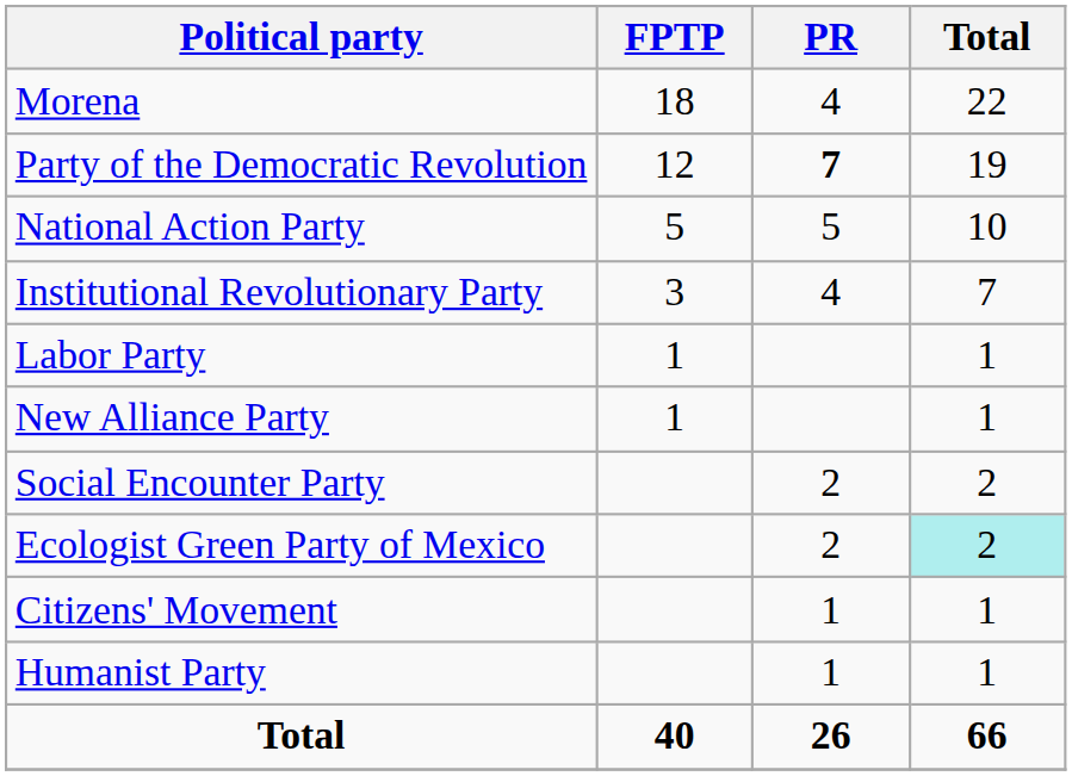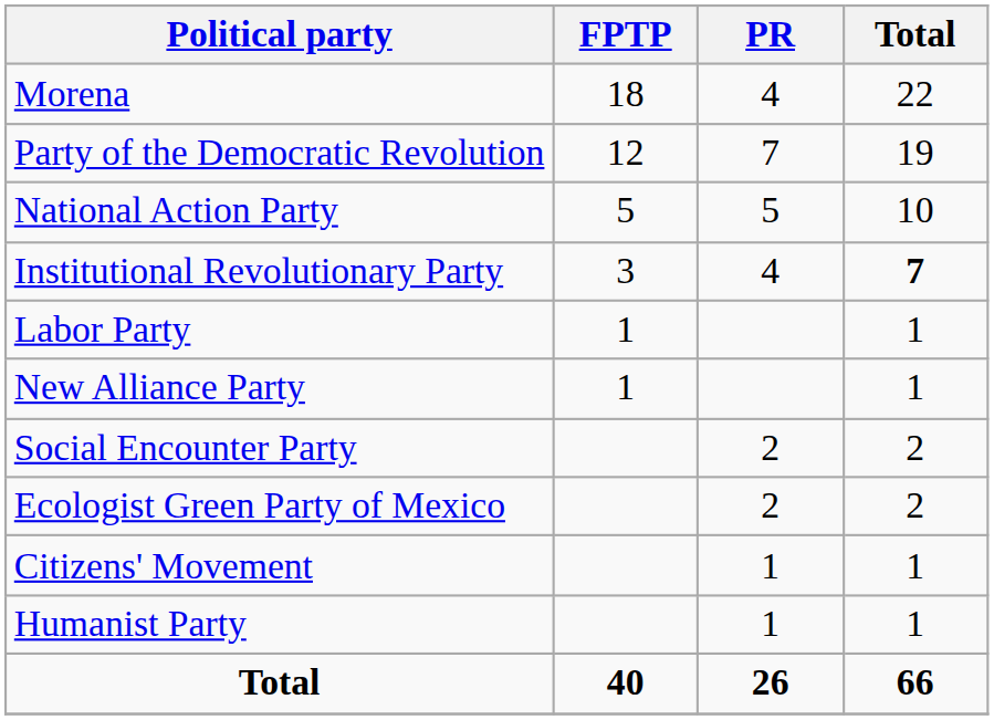 <table class="wikitable">
 <tr>
 <th><a href='#'>Political party</a></th>
 <th width="55pt"><a href='#'>FPTP</a></th>
 <th width="55pt"><a href='#'>PR</a></th>
 <th width="55pt">Total</th>
 </tr>
 <tr>
 <td align="left"> <a href='#'>Morena</a></td>
 <td align="center">18</td>
 <td align="center">4</td>
 <td align="center">22</td>
 </tr>
 <tr>
 <td align="left"> <a href='#'>Party of the Democratic Revolution</a></td>
 <td align="center">12</td>
-<td align="center"><strong>7</strong></td>
+<td align="center">7</td>
 <td align="center">19</td>
 </tr>
 <tr>
 <td align="left"> <a href='#'>National Action Party</a></td>
 <td align="center">5</td>
 <td align="center">5</td>
 <td align="center">10</td>
 </tr>
 <tr>
 <td align="left"> <a href='#'>Institutional Revolutionary Party</a></td>
 <td align="center">3</td>
 <td align="center">4</td>
-<td align="center">7</td>
+<td align="center"><strong>7</strong></td>
 </tr>
 <tr>
 <td align="left"> <a href='#'>Labor Party</a></td>
 <td align="center">1</td>
 <td align="center"></td>
 <td align="center">1</td>
 </tr>
 <tr>
 <td align="left"> <a href='#'>New Alliance Party</a></td>
 <td align="center">1</td>
 <td align="center"></td>
 <td align="center">1</td>
 </tr>
 <tr>
 <td align="left"> <a href='#'>Social Encounter Party</a></td>
 <td align="center"></td>
 <td align="center">2</td>
 <td align="center">2</td>
 </tr>
 <tr>
 <td align="left"> <a href='#'>Ecologist Green Party of Mexico</a></td>
 <td align="center"></td>
 <td align="center">2</td>
-<td align="center" style="background: paleturquoise;">2</td>
+<td align="center">2</td>
 </tr>
 <tr>
 <td align="left"> <a href='#'>Citizens' Movement</a></td>
 <td align="center"></td>
 <td align="center">1</td>
 <td align="center">1</td>
 </tr>
 <tr>
 <td align="left"> <a href='#'>Humanist Party</a></td>
 <td align="center"></td>
 <td align="center">1</td>
 <td align="center">1</td>
 </tr>
 <tr>
 <td align="center"><strong>Total</strong></td>
 <td align="center"><strong>40</strong></td>
 <td align="center"><strong>26</strong></td>
 <td align="center"><strong>66</strong></td>
 </tr>
 <tr>
 </tr>
 </table>
